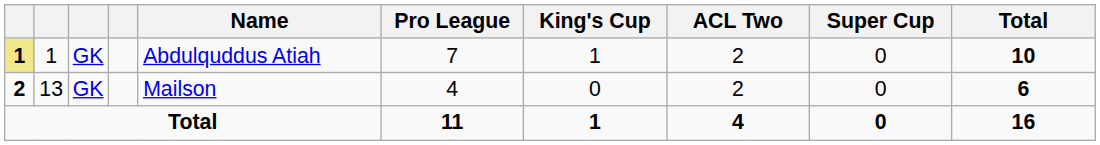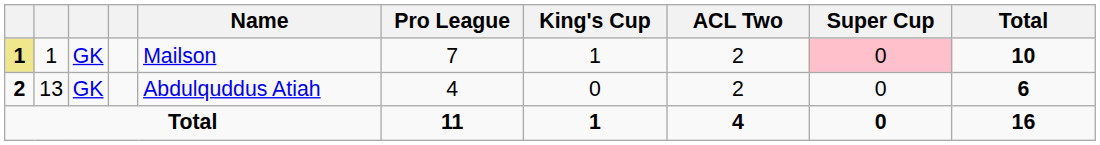 <table class="wikitable" style="text-align:center">
 <tr>
 <th width=15></th>
 <th width=15></th>
 <th width=15></th>
 <th width=15></th>
 <th width=175>Name</th>
 <th width=100>Pro League</th>
 <th width=100>King's Cup</th>
 <th width=100>ACL Two</th>
 <th width=100>Super Cup</th>
 <th width=100>Total</th>
 </tr>
 <tr>
 <td style="background: khaki;"><strong>1</strong></td>
 <td>1</td>
 <td><a href='#'>GK</a></td>
 <td></td>
-<td align=left><a href='#'>Abdulquddus Atiah</a></td>
+<td align=left><a href='#'>Mailson</a></td>
 <td>7</td>
 <td>1</td>
 <td>2</td>
-<td>0</td>
+<td style="background: pink;">0</td>
 <td><strong>10</strong></td>
 </tr>
 <tr>
 <td><strong>2</strong></td>
 <td>13</td>
 <td><a href='#'>GK</a></td>
 <td></td>
-<td align=left><a href='#'>Mailson</a></td>
+<td align=left><a href='#'>Abdulquddus Atiah</a></td>
 <td>4</td>
 <td>0</td>
 <td>2</td>
 <td>0</td>
 <td><strong>6</strong></td>
 </tr>
 <tr>
 <td colspan=5><strong>Total</strong></td>
 <td><strong>11</strong></td>
 <td><strong>1</strong></td>
 <td><strong>4</strong></td>
 <td><strong>0</strong></td>
 <td><strong>16</strong></td>
 </tr>
 </table>
